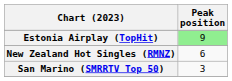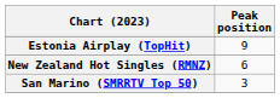 <table class="wikitable sortable plainrowheaders" style="text-align:center">
 <tr>
 <th scope="col">Chart (2023)</th>
 <th scope="col">Peak<br>position</th>
 </tr>
 <tr>
 </tr>
 <tr>
 </tr>
 <tr>
 <th scope="row">Estonia Airplay (<a href='#'>TopHit</a>)</th>
-<td style="background: lightgreen;">9</td>
+<td>9</td>
 </tr>
 <tr>
 </tr>
 <tr>
 </tr>
 <tr>
 </tr>
 <tr>
 </tr>
 <tr>
 <th scope="row">New Zealand Hot Singles (<a href='#'>RMNZ</a>)</th>
 <td>6</td>
 </tr>
 <tr>
 <th scope="row">San Marino (<a href='#'>SMRRTV Top 50</a>)</th>
 <td>3</td>
 </tr>
 <tr>
 </tr>
 <tr>
 </tr>
 <tr>
 </tr>
 </table>
